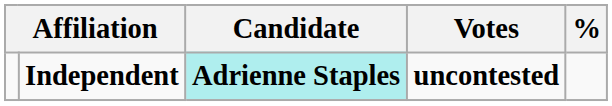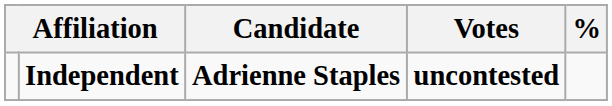 <table class="wikitable col4right col5right" style="font-size:90%">
 <tr>
 <th colspan="2">Affiliation</th>
 <th>Candidate</th>
 <th>Votes</th>
 <th>%</th>
 </tr>
 <tr>
 <td></td>
 <td><strong>Independent</strong></td>
-<td style="background: paleturquoise;"><strong>Adrienne Staples</strong></td>
+<td><strong>Adrienne Staples</strong></td>
 <td><strong>uncontested</strong></td>
 <td></td>
 </tr>
 </table>
